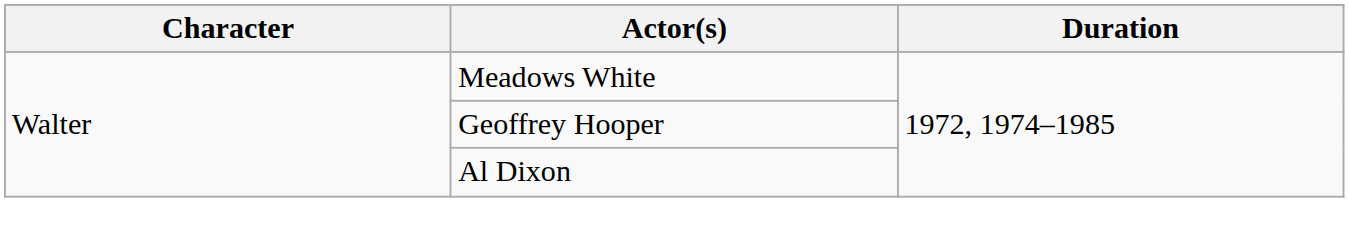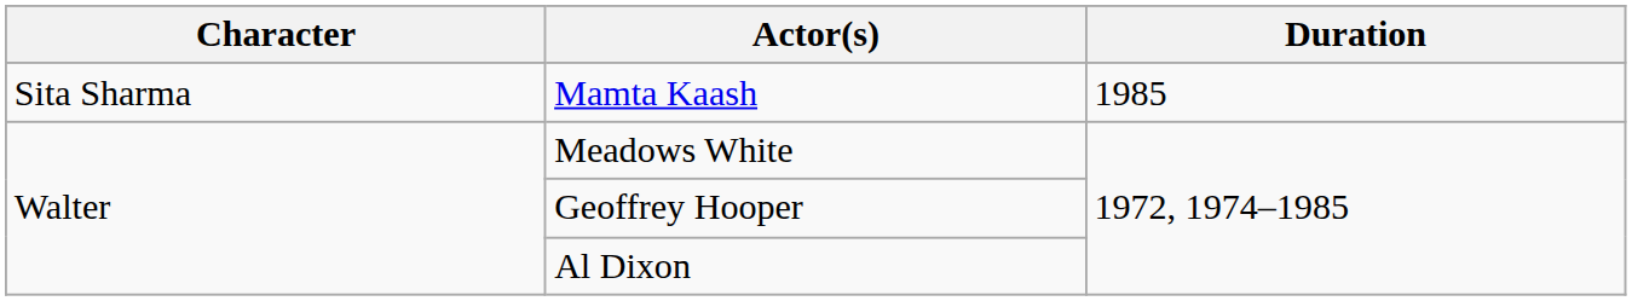 <table class="wikitable">
 <tr>
 <th scope="col" width="230">Character</th>
 <th scope="col" width="230">Actor(s)</th>
 <th scope="col" width="230">Duration</th>
+</tr>
+<tr>
+<td>Sita Sharma</td>
+<td><a href='#'>Mamta Kaash</a></td>
+<td>1985</td>
 </tr>
 <tr>
 <td rowspan="3">Walter</td>
 <td>Meadows White</td>
 <td rowspan="3">1972, 1974–1985</td>
 </tr>
 <tr>
 <td>Geoffrey Hooper</td>
 </tr>
 <tr>
 <td>Al Dixon</td>
 </tr>
 </table>
